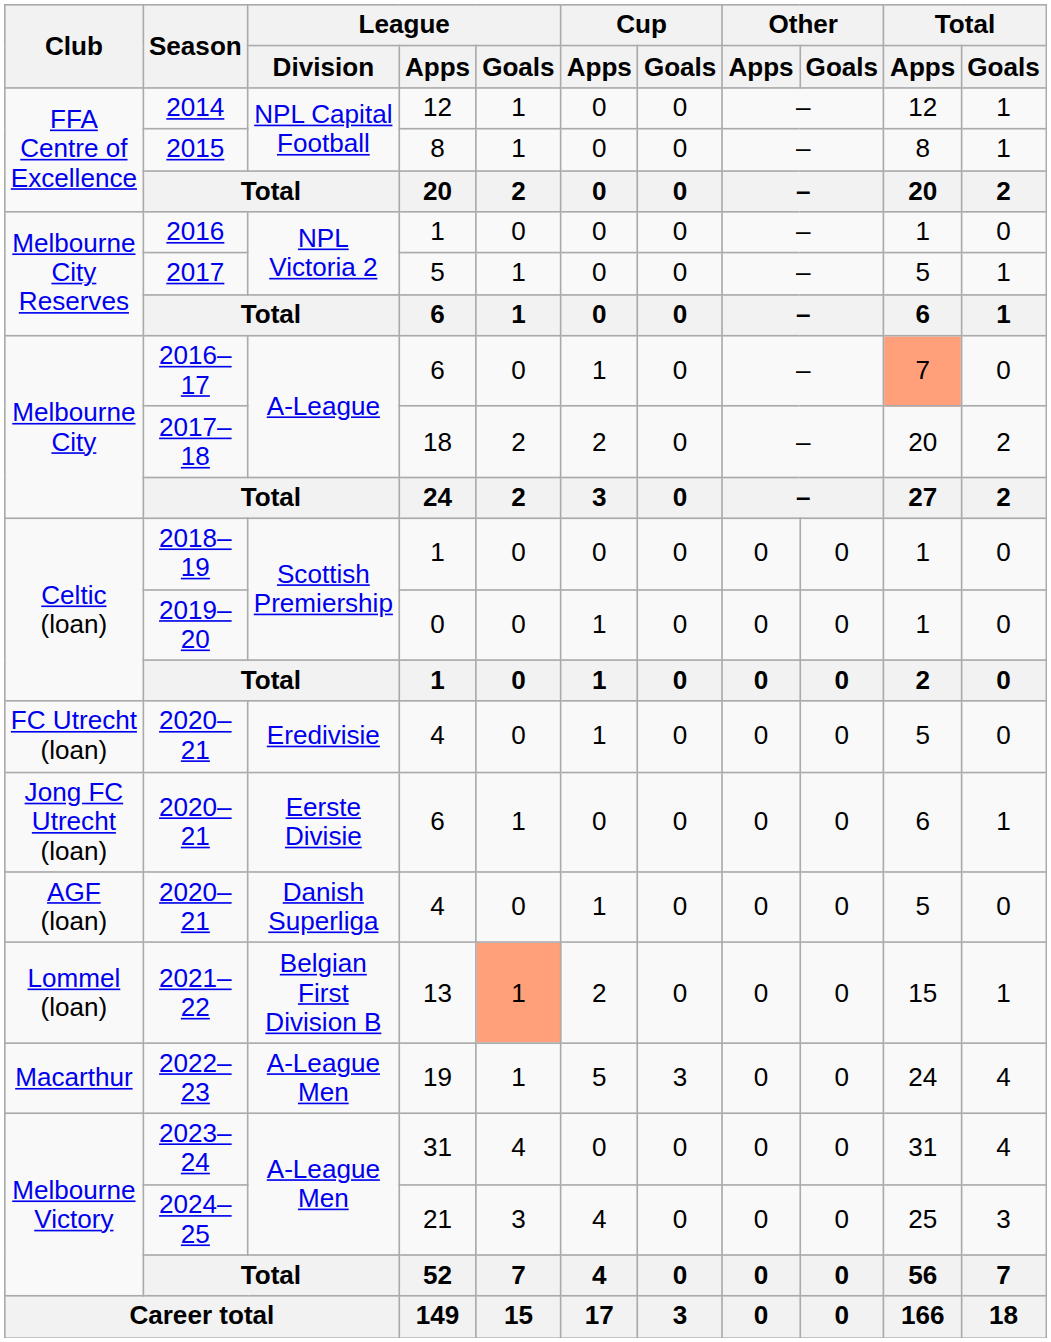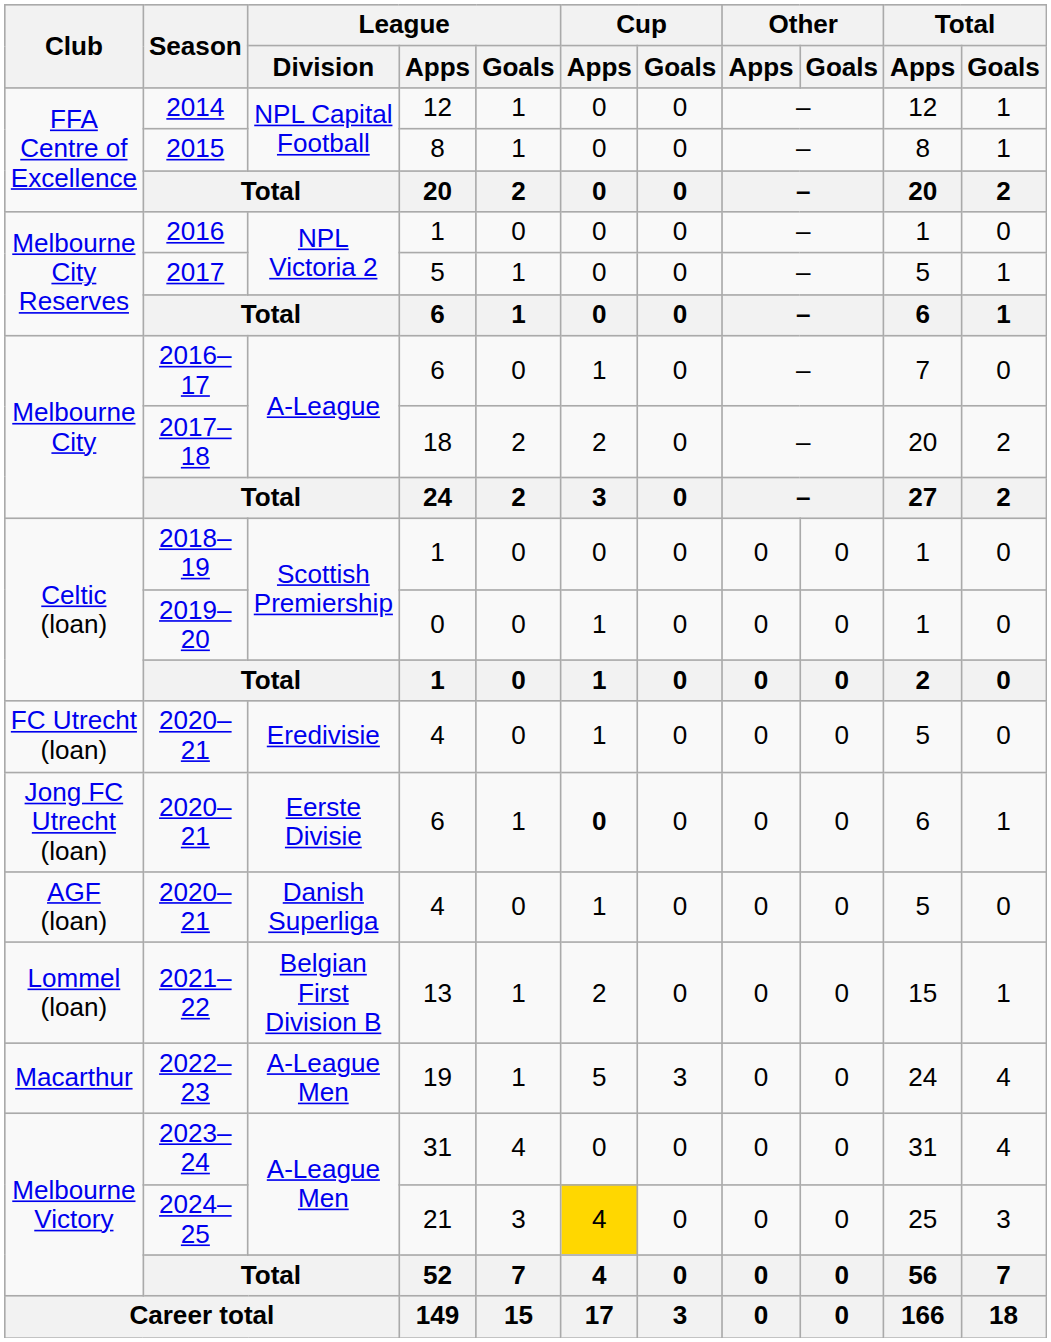 <table class="wikitable" style="text-align:center">
 <tr>
 <th rowspan="2">Club</th>
 <th rowspan="2">Season</th>
 <th colspan="3">League</th>
 <th colspan="2">Cup</th>
 <th colspan="2">Other</th>
 <th colspan="2">Total</th>
 </tr>
 <tr>
 <th>Division</th>
 <th>Apps</th>
 <th>Goals</th>
 <th>Apps</th>
 <th>Goals</th>
 <th>Apps</th>
 <th>Goals</th>
 <th>Apps</th>
 <th>Goals</th>
 </tr>
 <tr>
 <td rowspan="3"><a href='#'>FFA Centre of Excellence</a></td>
 <td><a href='#'>2014</a></td>
 <td rowspan="2"><a href='#'>NPL Capital Football</a></td>
 <td>12</td>
 <td>1</td>
 <td>0</td>
 <td>0</td>
 <td colspan="2">–</td>
 <td>12</td>
 <td>1</td>
 </tr>
 <tr>
 <td><a href='#'>2015</a></td>
 <td>8</td>
 <td>1</td>
 <td>0</td>
 <td>0</td>
 <td colspan="2">–</td>
 <td>8</td>
 <td>1</td>
 </tr>
 <tr>
 <th colspan="2">Total</th>
 <th>20</th>
 <th>2</th>
 <th>0</th>
 <th>0</th>
 <th colspan="2">–</th>
 <th>20</th>
 <th>2</th>
 </tr>
 <tr>
 <td rowspan="3"><a href='#'>Melbourne City Reserves</a></td>
 <td><a href='#'>2016</a></td>
 <td rowspan="2"><a href='#'>NPL Victoria 2</a></td>
 <td>1</td>
 <td>0</td>
 <td>0</td>
 <td>0</td>
 <td colspan="2">–</td>
 <td>1</td>
 <td>0</td>
 </tr>
 <tr>
 <td><a href='#'>2017</a></td>
 <td>5</td>
 <td>1</td>
 <td>0</td>
 <td>0</td>
 <td colspan="2">–</td>
 <td>5</td>
 <td>1</td>
 </tr>
 <tr>
 <th colspan="2">Total</th>
 <th>6</th>
 <th>1</th>
 <th>0</th>
 <th>0</th>
 <th colspan="2">–</th>
 <th>6</th>
 <th>1</th>
 </tr>
 <tr>
 <td rowspan="3"><a href='#'>Melbourne City</a></td>
 <td><a href='#'>2016–17</a></td>
 <td rowspan="2"><a href='#'>A-League</a></td>
 <td>6</td>
 <td>0</td>
 <td>1</td>
 <td>0</td>
 <td colspan="2">–</td>
-<td style="background: lightsalmon;">7</td>
+<td>7</td>
 <td>0</td>
 </tr>
 <tr>
 <td><a href='#'>2017–18</a></td>
 <td>18</td>
 <td>2</td>
 <td>2</td>
 <td>0</td>
 <td colspan="2">–</td>
 <td>20</td>
 <td>2</td>
 </tr>
 <tr>
 <th colspan="2">Total</th>
 <th>24</th>
 <th>2</th>
 <th>3</th>
 <th>0</th>
 <th colspan="2">–</th>
 <th>27</th>
 <th>2</th>
 </tr>
 <tr>
 <td rowspan="3"><a href='#'>Celtic</a> (loan)</td>
 <td><a href='#'>2018–19</a></td>
 <td rowspan="2"><a href='#'>Scottish Premiership</a></td>
 <td>1</td>
 <td>0</td>
 <td>0</td>
 <td>0</td>
 <td>0</td>
 <td>0</td>
 <td>1</td>
 <td>0</td>
 </tr>
 <tr>
 <td><a href='#'>2019–20</a></td>
 <td>0</td>
 <td>0</td>
 <td>1</td>
 <td>0</td>
 <td>0</td>
 <td>0</td>
 <td>1</td>
 <td>0</td>
 </tr>
 <tr>
 <th colspan="2">Total</th>
 <th>1</th>
 <th>0</th>
 <th>1</th>
 <th>0</th>
 <th>0</th>
 <th>0</th>
 <th>2</th>
 <th>0</th>
 </tr>
 <tr>
 <td><a href='#'>FC Utrecht</a> (loan)</td>
 <td><a href='#'>2020–21</a></td>
 <td><a href='#'>Eredivisie</a></td>
 <td>4</td>
 <td>0</td>
 <td>1</td>
 <td>0</td>
 <td>0</td>
 <td>0</td>
 <td>5</td>
 <td>0</td>
 </tr>
 <tr>
 <td><a href='#'>Jong FC Utrecht</a> (loan)</td>
 <td><a href='#'>2020–21</a></td>
 <td><a href='#'>Eerste Divisie</a></td>
 <td>6</td>
 <td>1</td>
-<td>0</td>
+<td><strong>0</strong></td>
 <td>0</td>
 <td>0</td>
 <td>0</td>
 <td>6</td>
 <td>1</td>
 </tr>
 <tr>
 <td><a href='#'>AGF</a> (loan)</td>
 <td><a href='#'>2020–21</a></td>
 <td><a href='#'>Danish Superliga</a></td>
 <td>4</td>
 <td>0</td>
 <td>1</td>
 <td>0</td>
 <td>0</td>
 <td>0</td>
 <td>5</td>
 <td>0</td>
 </tr>
 <tr>
 <td><a href='#'>Lommel</a> (loan)</td>
 <td><a href='#'>2021–22</a></td>
 <td><a href='#'>Belgian First Division B</a></td>
 <td>13</td>
-<td style="background: lightsalmon;">1</td>
+<td>1</td>
 <td>2</td>
 <td>0</td>
 <td>0</td>
 <td>0</td>
 <td>15</td>
 <td>1</td>
 </tr>
 <tr>
 <td><a href='#'>Macarthur</a></td>
 <td><a href='#'>2022–23</a></td>
 <td><a href='#'>A-League Men</a></td>
 <td>19</td>
 <td>1</td>
 <td>5</td>
 <td>3</td>
 <td>0</td>
 <td>0</td>
 <td>24</td>
 <td>4</td>
 </tr>
 <tr>
 <td rowspan="3"><a href='#'>Melbourne Victory</a></td>
 <td><a href='#'>2023–24</a></td>
 <td rowspan="2"><a href='#'>A-League Men</a></td>
 <td>31</td>
 <td>4</td>
 <td>0</td>
 <td>0</td>
 <td>0</td>
 <td>0</td>
 <td>31</td>
 <td>4</td>
 </tr>
 <tr>
 <td><a href='#'>2024–25</a></td>
 <td>21</td>
 <td>3</td>
-<td>4</td>
+<td style="background: gold;">4</td>
 <td>0</td>
 <td>0</td>
 <td>0</td>
 <td>25</td>
 <td>3</td>
 </tr>
 <tr>
 <th colspan="2">Total</th>
 <th>52</th>
 <th>7</th>
 <th>4</th>
 <th>0</th>
 <th>0</th>
 <th>0</th>
 <th>56</th>
 <th>7</th>
 </tr>
 <tr>
 <th colspan="3">Career total</th>
 <th>149</th>
 <th>15</th>
 <th>17</th>
 <th>3</th>
 <th>0</th>
 <th>0</th>
 <th>166</th>
 <th>18</th>
 </tr>
 </table>
